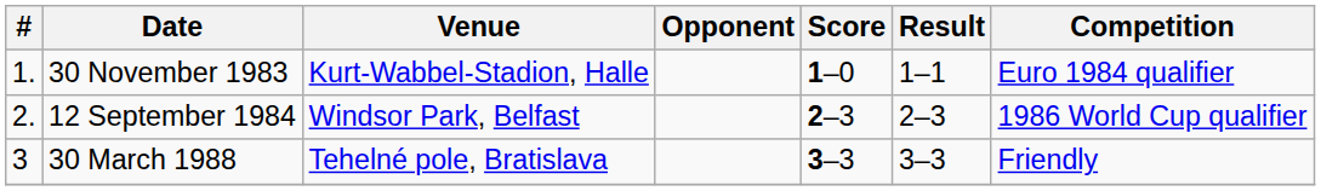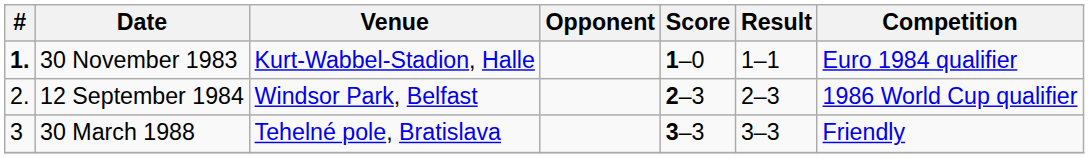 <table class="wikitable">
 <tr>
 <th>#</th>
 <th>Date</th>
 <th>Venue</th>
 <th>Opponent</th>
 <th>Score</th>
 <th>Result</th>
 <th>Competition</th>
 </tr>
 <tr>
-<td>1.</td>
+<td><strong>1.</strong></td>
 <td>30 November 1983</td>
 <td><a href='#'>Kurt-Wabbel-Stadion</a>, <a href='#'>Halle</a></td>
 <td></td>
 <td><strong>1</strong>–0</td>
 <td>1–1</td>
 <td><a href='#'>Euro 1984 qualifier</a></td>
 </tr>
 <tr>
 <td>2.</td>
 <td>12 September 1984</td>
 <td><a href='#'>Windsor Park</a>, <a href='#'>Belfast</a></td>
 <td></td>
 <td><strong>2</strong>–3</td>
 <td>2–3</td>
 <td><a href='#'>1986 World Cup qualifier</a></td>
 </tr>
 <tr>
 <td>3</td>
 <td>30 March 1988</td>
 <td><a href='#'>Tehelné pole</a>, <a href='#'>Bratislava</a></td>
 <td></td>
 <td><strong>3</strong>–3</td>
 <td>3–3</td>
 <td><a href='#'>Friendly</a></td>
 </tr>
 <tr>
 </tr>
 </table>
